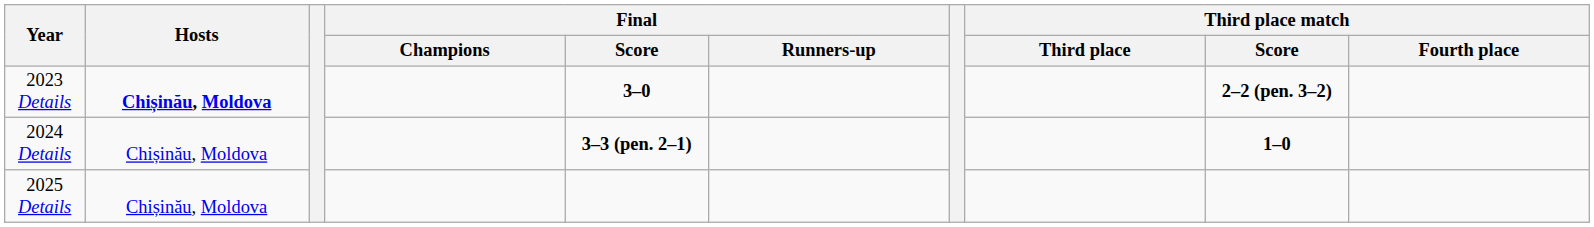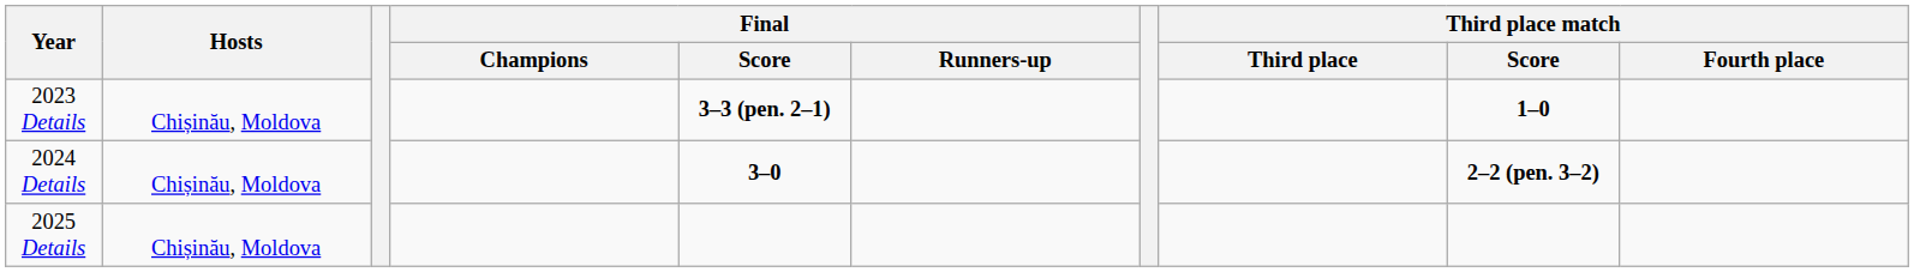 <table class="wikitable" style="font-size:90%; width: 98%; text-align: center;">
 <tr>
 <th rowspan=2 width=5%>Year</th>
 <th rowspan=2 width=14%>Hosts</th>
 <th width=1% rowspan=9 bgcolor=ffffff></th>
 <th colspan=3>Final</th>
 <th width=1% rowspan=9 bgcolor=ffffff></th>
 <th colspan=3>Third place match</th>
 </tr>
 <tr>
 <th width=15%>Champions</th>
 <th width=9%>Score</th>
 <th width=15%>Runners-up</th>
 <th width=15%>Third place</th>
 <th width=9%>Score</th>
 <th width=15%>Fourth place</th>
 </tr>
 <tr>
 <td>2023<br><em><a href='#'>Details</a></em></td>
-<td><strong><br><a href='#'>Chișinău</a>, <a href='#'>Moldova</a></strong></td>
+<td><br><a href='#'>Chișinău</a>, <a href='#'>Moldova</a></td>
 <td><strong></strong></td>
-<td><strong>3–0</strong></td>
+<td><strong>3–3 (pen. 2–1)</strong></td>
 <td></td>
 <td></td>
-<td><strong>2–2 (pen. 3–2)</strong></td>
+<td><strong>1–0</strong></td>
 <td></td>
 </tr>
 <tr>
 <td>2024<br><em><a href='#'>Details</a></em></td>
 <td><br><a href='#'>Chișinău</a>, <a href='#'>Moldova</a></td>
 <td><strong></strong></td>
-<td><strong>3–3 (pen. 2–1)</strong></td>
+<td><strong>3–0</strong></td>
 <td></td>
 <td></td>
-<td><strong>1–0</strong></td>
+<td><strong>2–2 (pen. 3–2)</strong></td>
 <td></td>
 </tr>
 <tr>
 <td>2025<br><em><a href='#'>Details</a></em></td>
 <td><br><a href='#'>Chișinău</a>, <a href='#'>Moldova</a></td>
 <td></td>
 <td></td>
 <td></td>
 <td></td>
 <td></td>
 <td></td>
 </tr>
 </table>
